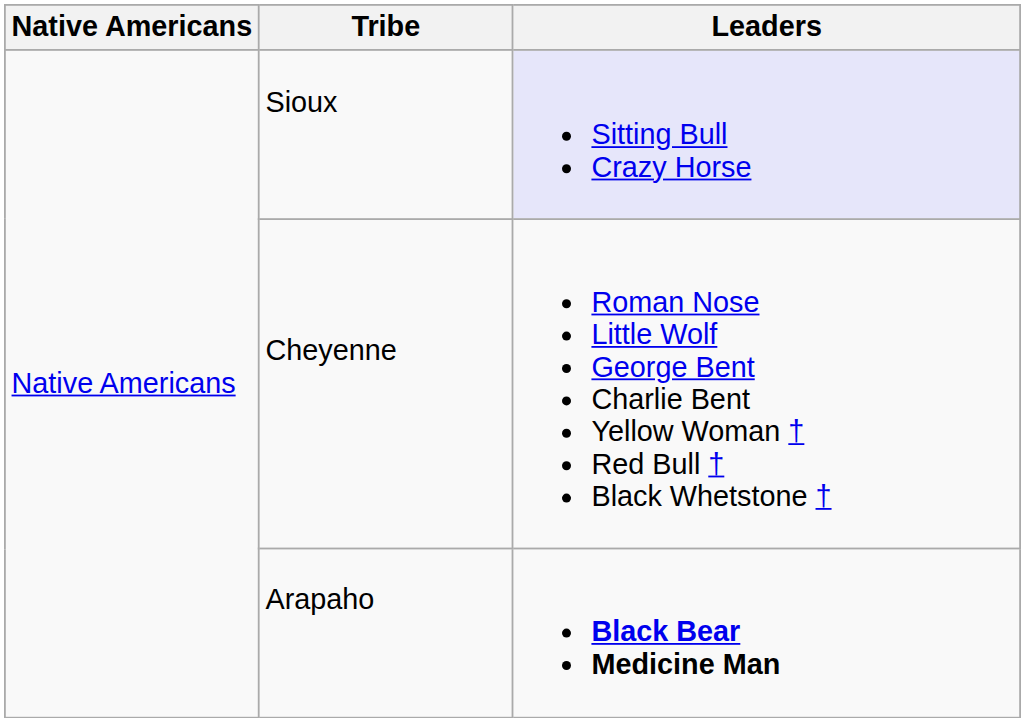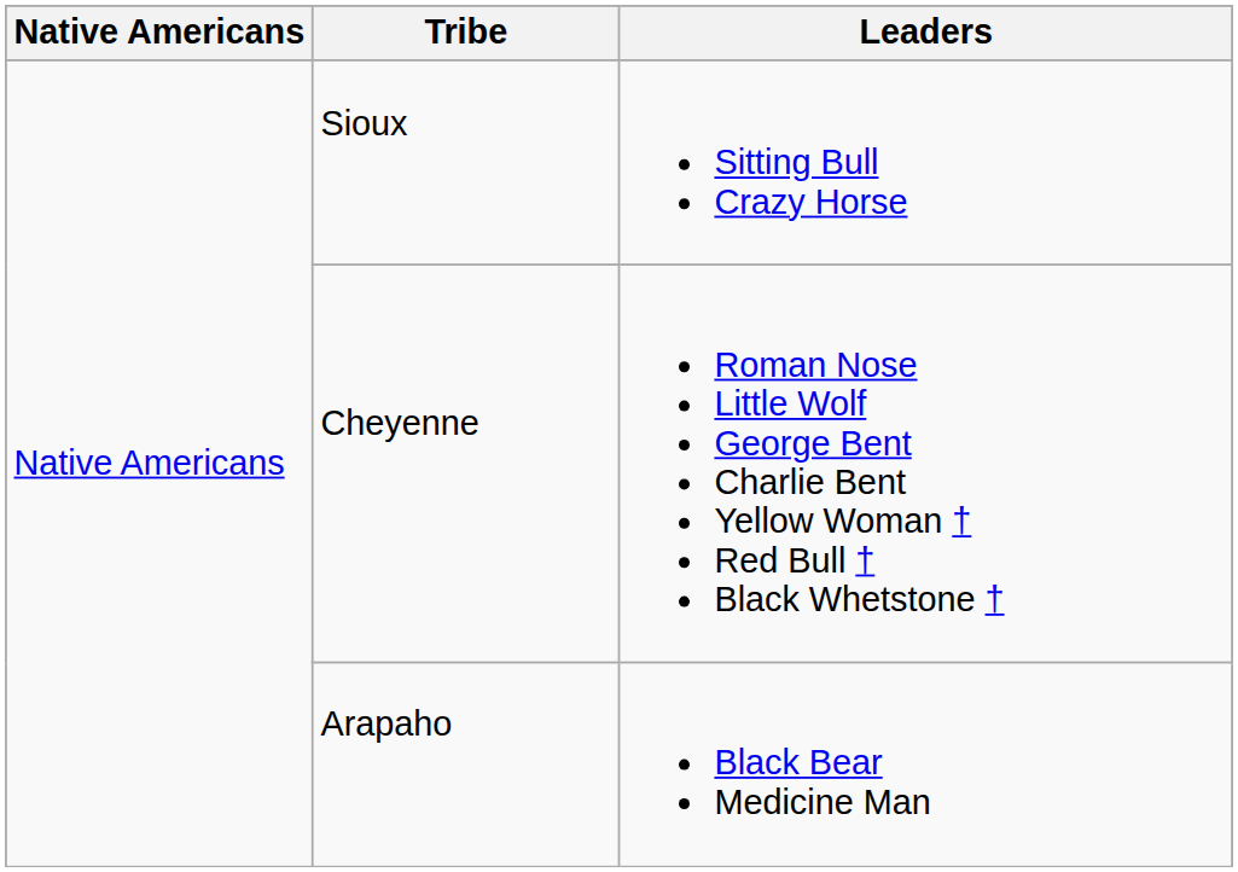 <table class="wikitable">
 <tr>
 <th style="width:25%;">Native Americans</th>
 <th style="width:25%;">Tribe</th>
 <th>Leaders</th>
 </tr>
 <tr>
 <td rowspan=3><br><a href='#'>Native Americans</a><br>    </td>
 <td>Sioux<br><br>  </td>
-<td style="background: lavender;"><br><ul><li><a href='#'>Sitting Bull</a></li><li><a href='#'>Crazy Horse</a></li></ul></td>
+<td><br><ul><li><a href='#'>Sitting Bull</a></li><li><a href='#'>Crazy Horse</a></li></ul></td>
 </tr>
 <tr>
 <td>Cheyenne<br><br>  </td>
 <td><br><ul><li><a href='#'>Roman Nose</a></li><li><a href='#'>Little Wolf</a></li><li><a href='#'>George Bent</a></li><li>Charlie Bent</li><li>Yellow Woman <a href='#'>†</a></li><li>Red Bull <a href='#'>†</a></li><li>Black Whetstone <a href='#'>†</a></li></ul></td>
 </tr>
 <tr>
 <td>Arapaho<br><br>  </td>
-<td><strong><br><ul><li><a href='#'>Black Bear</a></li><li>Medicine Man</li></ul></strong></td>
+<td><br><ul><li><a href='#'>Black Bear</a></li><li>Medicine Man</li></ul></td>
 </tr>
 </table>
